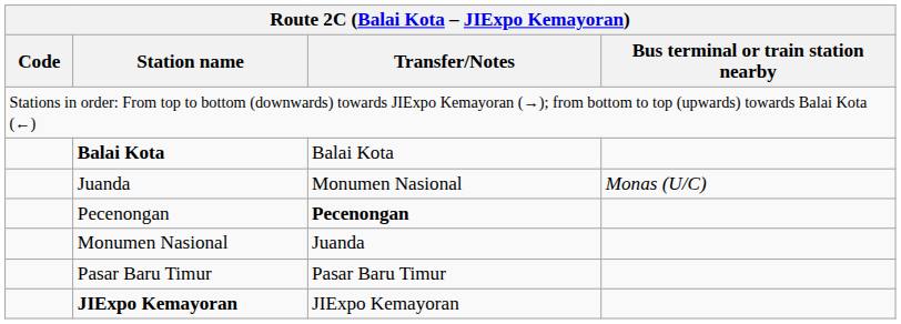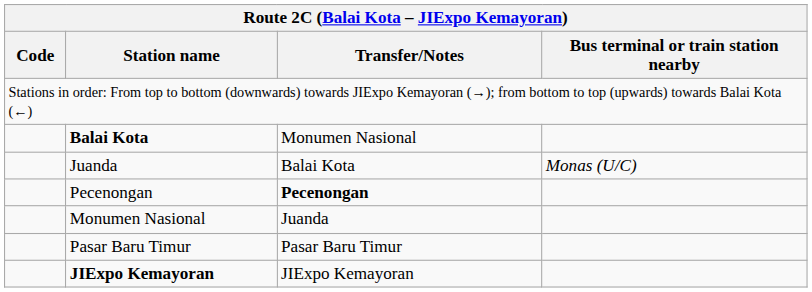 <table class="wikitable" style="font-size:100%">
 <tr>
 <th colspan="4" style="text-align:center"> Route 2C (<a href='#'>Balai Kota</a> – <a href='#'>JIExpo Kemayoran</a>)</th>
 </tr>
 <tr>
 <th width="50">Code</th>
 <th width="190">Station name</th>
 <th width="240">Transfer/Notes</th>
 <th width="240">Bus terminal or train station nearby</th>
 </tr>
 <tr>
 <td colspan="4"><small>Stations in order: From top to bottom (downwards) towards JIExpo Kemayoran (→); from bottom to top (upwards) towards Balai Kota (←)</small></td>
 </tr>
 <tr>
 <td style="text-align:center"></td>
 <td><strong>Balai Kota</strong></td>
-<td>      Balai Kota</td>
+<td>     Monumen Nasional</td>
 <td></td>
 </tr>
 <tr>
 <td style="text-align:center"><br></td>
 <td>Juanda</td>
-<td>     Monumen Nasional</td>
+<td>      Balai Kota</td>
 <td> <em>Monas (U/C)</em></td>
 </tr>
 <tr>
 <td style="text-align:center"><br></td>
 <td>Pecenongan</td>
 <td><strong>     Pecenongan</strong></td>
 <td></td>
 </tr>
 <tr>
 <td style="text-align:center"><br></td>
 <td>Monumen Nasional</td>
 <td>     Juanda</td>
 <td> </td>
 </tr>
 <tr>
 <td style="text-align:center"></td>
 <td>Pasar Baru Timur</td>
 <td>   Pasar Baru Timur</td>
 <td></td>
 </tr>
 <tr>
 <td style="text-align:center"></td>
 <td><strong>JIExpo Kemayoran</strong></td>
 <td> JIExpo Kemayoran</td>
 <td></td>
 </tr>
 </table>
